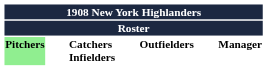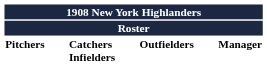 <table class="toccolours" style="font-size: 95%;">
 <tr>
 <th colspan="10" style="background:#1c2841; color:white; text-align:center;">1908 New York Highlanders</th>
 </tr>
 <tr>
 <td colspan="10" style="background:#1c2841; color:white; text-align:center;"><strong>Roster</strong></td>
 </tr>
 <tr>
-<td valign="top" style="background: lightgreen;"><strong>Pitchers</strong><br>            </td>
+<td valign="top"><strong>Pitchers</strong><br>            </td>
 <td style="width:25px;"></td>
 <td valign="top"><strong>Catchers</strong><br>   <strong>Infielders</strong>         </td>
 <td style="width:25px;"></td>
 <td valign="top"><strong>Outfielders</strong><br>      </td>
 <td style="width:25px;"></td>
 <td valign="top"><strong>Manager</strong><br> </td>
 </tr>
 </table>
